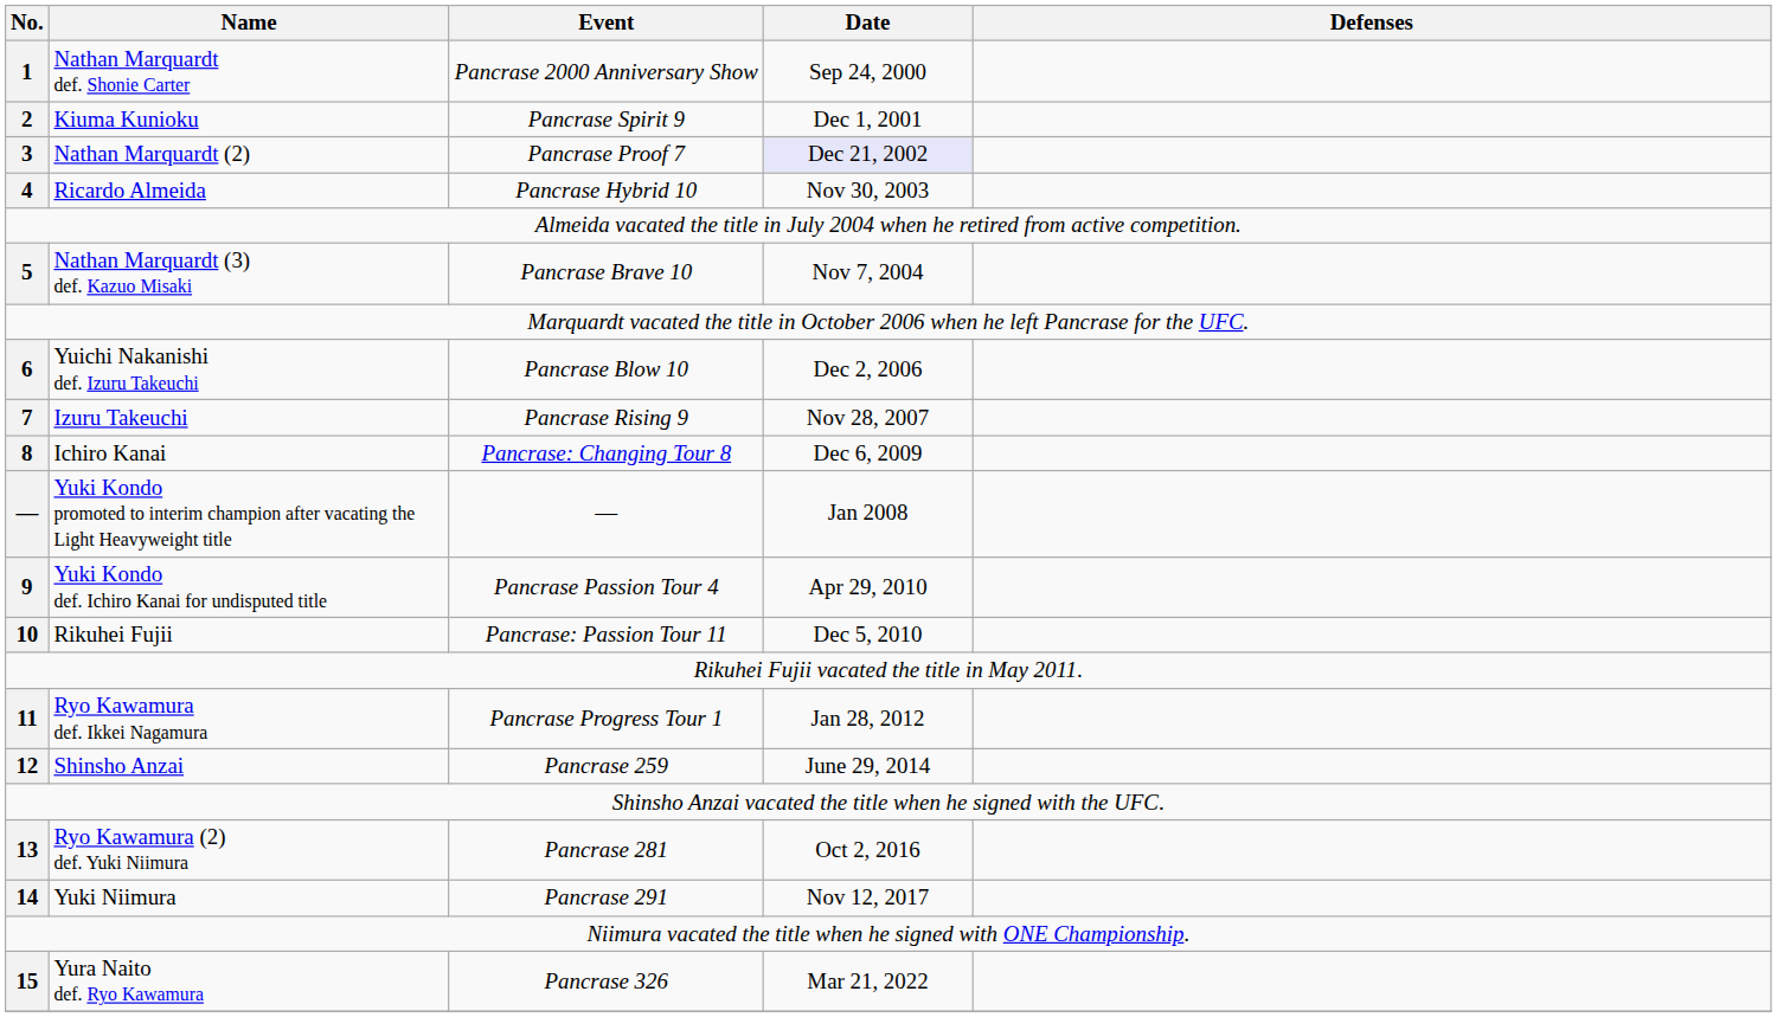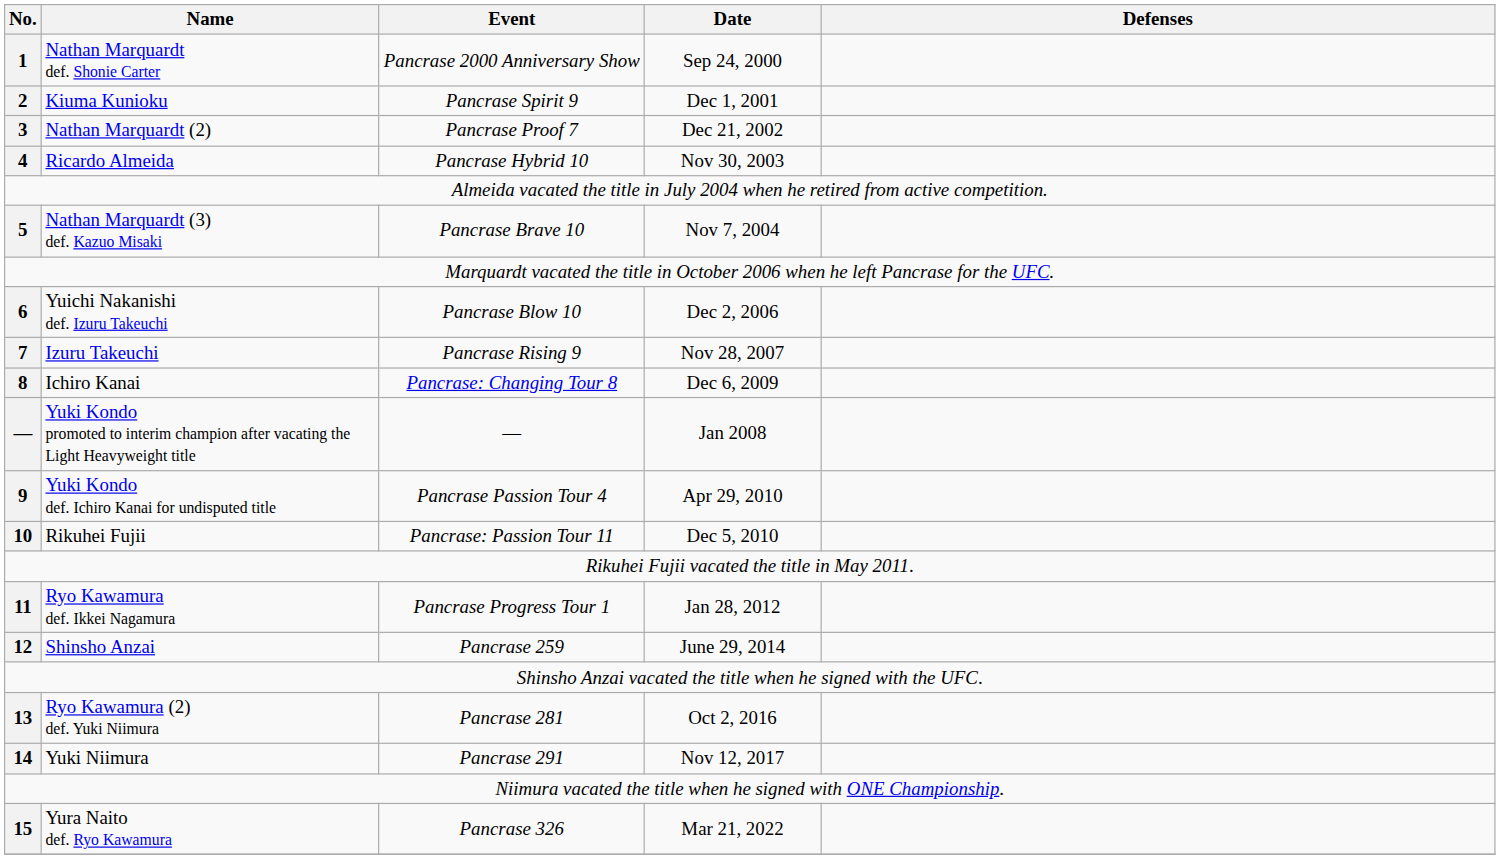 <table class="wikitable" width=100%>
 <tr>
 <th width=1%>No.</th>
 <th width=23%>Name</th>
 <th width=18%>Event</th>
 <th width=12%>Date</th>
 <th width=46%>Defenses</th>
 </tr>
 <tr>
 <th>1</th>
 <td align=left> <a href='#'>Nathan Marquardt</a><br><small>def. <a href='#'>Shonie Carter</a></small></td>
 <td align=center><em>Pancrase 2000 Anniversary Show</em><br></td>
 <td align=center>Sep 24, 2000</td>
 <td><br><br> </td>
 </tr>
 <tr>
 <th>2</th>
 <td align=left> <a href='#'>Kiuma Kunioku</a></td>
 <td align=center><em>Pancrase Spirit 9</em><br></td>
 <td align=center>Dec 1, 2001</td>
 <td></td>
 </tr>
 <tr>
 <th>3</th>
 <td align=left> <a href='#'>Nathan Marquardt</a> (2)</td>
 <td align=center><em>Pancrase Proof 7</em><br></td>
-<td align=center style="background: lavender;">Dec 21, 2002</td>
+<td align=center>Dec 21, 2002</td>
 <td><br></td>
 </tr>
 <tr>
 <th>4</th>
 <td align=left> <a href='#'>Ricardo Almeida</a></td>
 <td align=center><em>Pancrase Hybrid 10</em><br></td>
 <td align=center>Nov 30, 2003</td>
 <td></td>
 </tr>
 <tr>
 <td colspan=5 align=center><em>Almeida vacated the title in July 2004 when he retired from active competition.</em></td>
 </tr>
 <tr>
 <th>5</th>
 <td align=left> <a href='#'>Nathan Marquardt</a> (3)<br><small>def. <a href='#'>Kazuo Misaki</a></small></td>
 <td align=center><em>Pancrase Brave 10</em><br></td>
 <td align=center>Nov 7, 2004</td>
 <td><br></td>
 </tr>
 <tr>
 <td colspan=5 align=center><em>Marquardt vacated the title in October 2006 when he left Pancrase for the <a href='#'>UFC</a>.</em></td>
 </tr>
 <tr>
 <th>6</th>
 <td align=left> Yuichi Nakanishi<br><small>def. <a href='#'>Izuru Takeuchi</a></small></td>
 <td align=center><em>Pancrase Blow 10</em><br></td>
 <td align=center>Dec 2, 2006</td>
 <td></td>
 </tr>
 <tr>
 <th>7</th>
 <td align=left> <a href='#'>Izuru Takeuchi</a></td>
 <td align=center><em>Pancrase Rising 9</em><br></td>
 <td align=center>Nov 28, 2007</td>
 <td><br></td>
 </tr>
 <tr>
 <th>8</th>
 <td align=left> Ichiro Kanai</td>
 <td align=center><em><a href='#'>Pancrase: Changing Tour 8</a></em><br></td>
 <td align=center>Dec 6, 2009</td>
 <td></td>
 </tr>
 <tr>
 <th>—</th>
 <td align=left> <a href='#'>Yuki Kondo</a><br><small>promoted to interim champion after vacating the Light Heavyweight title</small></td>
 <td align=center>—</td>
 <td align=center>Jan 2008</td>
 <td><br><br> <br> </td>
 </tr>
 <tr>
 <th>9</th>
 <td align=left> <a href='#'>Yuki Kondo</a><br><small>def. Ichiro Kanai for undisputed title</small></td>
 <td align=center><em>Pancrase Passion Tour 4</em><br></td>
 <td align=center>Apr 29, 2010</td>
 <td><br></td>
 </tr>
 <tr>
 <th>10</th>
 <td align=left> Rikuhei Fujii</td>
 <td align=center><em>Pancrase: Passion Tour 11</em><br></td>
 <td align=center>Dec 5, 2010</td>
 <td></td>
 </tr>
 <tr>
 <td colspan=5 align=center><em>Rikuhei Fujii vacated the title in May 2011</em>.</td>
 </tr>
 <tr>
 <th>11</th>
 <td align=left> <a href='#'>Ryo Kawamura</a><br><small>def. Ikkei Nagamura</small></td>
 <td align=center><em>Pancrase Progress Tour 1</em><br></td>
 <td align=center>Jan 28, 2012</td>
 <td><br></td>
 </tr>
 <tr>
 <th>12</th>
 <td align=left> <a href='#'>Shinsho Anzai</a></td>
 <td align=center><em>Pancrase 259</em><br></td>
 <td align=center>June 29, 2014</td>
 <td></td>
 </tr>
 <tr>
 <td colspan=5 align=center><em>Shinsho Anzai vacated the title when he signed with the UFC</em>.</td>
 </tr>
 <tr>
 <th>13</th>
 <td align=left> <a href='#'>Ryo Kawamura</a> (2)<br><small>def. Yuki Niimura</small></td>
 <td align=center><em>Pancrase 281</em><br></td>
 <td align=center>Oct 2, 2016</td>
 <td></td>
 </tr>
 <tr>
 <th>14</th>
 <td align=left> Yuki Niimura</td>
 <td align=center><em>Pancrase 291</em><br></td>
 <td align=center>Nov 12, 2017</td>
 <td></td>
 </tr>
 <tr>
 <td colspan=5 align=center><em>Niimura vacated the title when he signed with <a href='#'>ONE Championship</a></em>.</td>
 </tr>
 <tr>
 <th>15</th>
 <td align=left> Yura Naito<br><small>def. <a href='#'>Ryo Kawamura</a></small></td>
 <td align=center><em>Pancrase 326</em><br></td>
 <td align=center>Mar 21, 2022</td>
 <td></td>
 </tr>
 <tr>
 </tr>
 </table>
